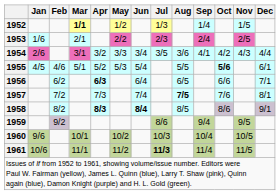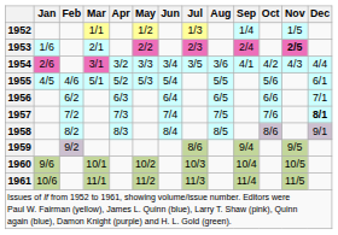 <table class="wikitable" style="font-size: 10pt; line-height: 11pt; margin-right: 2em; text-align: center; float: left">
 <tr>
 <th></th>
 <th>Jan</th>
 <th>Feb</th>
 <th>Mar</th>
 <th>Apr</th>
 <th>May</th>
 <th>Jun</th>
 <th>Jul</th>
 <th>Aug</th>
 <th>Sep</th>
 <th>Oct</th>
 <th>Nov</th>
 <th>Dec</th>
 </tr>
 <tr>
 <th>1952</th>
 <td></td>
 <td></td>
-<td bgcolor=#ffff99><strong>1/1</strong></td>
+<td bgcolor=#ffff99>1/1</td>
 <td></td>
 <td bgcolor=#ffff99>1/2</td>
 <td></td>
 <td bgcolor=#ffff99>1/3</td>
 <td></td>
 <td bgcolor=#ccffff>1/4</td>
 <td></td>
 <td bgcolor=#ccffff>1/5</td>
 <td></td>
 </tr>
 <tr>
 <th>1953</th>
 <td bgcolor=#ccffff>1/6</td>
 <td></td>
 <td bgcolor=#ccffff>2/1</td>
 <td></td>
 <td bgcolor=#ed6fba>2/2</td>
 <td></td>
 <td bgcolor=#ed6fba>2/3</td>
 <td></td>
 <td bgcolor=#ed6fba>2/4</td>
 <td></td>
-<td bgcolor=#ed6fba>2/5</td>
+<td bgcolor=#ed6fba><strong>2/5</strong></td>
 <td></td>
 </tr>
 <tr>
 <th>1954</th>
 <td bgcolor=#ed6fba>2/6</td>
 <td></td>
 <td bgcolor=#ed6fba>3/1</td>
 <td bgcolor=#ccffff>3/2</td>
 <td bgcolor=#ccffff>3/3</td>
 <td bgcolor=#ccffff>3/4</td>
 <td bgcolor=#ccffff>3/5</td>
 <td bgcolor=#ccffff>3/6</td>
 <td bgcolor=#ccffff>4/1</td>
 <td bgcolor=#ccffff>4/2</td>
 <td bgcolor=#ccffff>4/3</td>
 <td bgcolor=#ccffff>4/4</td>
 </tr>
 <tr>
 <th>1955</th>
 <td bgcolor=#ccffff>4/5</td>
 <td bgcolor=#ccffff>4/6</td>
 <td bgcolor=#ccffff>5/1</td>
 <td bgcolor=#ccffff>5/2</td>
 <td bgcolor=#ccffff>5/3</td>
 <td bgcolor=#ccffff>5/4</td>
 <td></td>
 <td bgcolor=#ccffff>5/5</td>
 <td></td>
-<td bgcolor=#ccffff><strong>5/6</strong></td>
+<td bgcolor=#ccffff>5/6</td>
 <td></td>
 <td bgcolor=#ccffff>6/1</td>
 </tr>
 <tr>
 <th>1956</th>
 <td></td>
 <td bgcolor=#ccffff>6/2</td>
 <td></td>
-<td bgcolor=#ccffff><strong>6/3</strong></td>
+<td bgcolor=#ccffff>6/3</td>
 <td></td>
 <td bgcolor=#ccffff>6/4</td>
 <td></td>
 <td bgcolor=#ccffff>6/5</td>
 <td></td>
 <td bgcolor=#ccffff>6/6</td>
 <td></td>
 <td bgcolor=#ccffff>7/1</td>
 </tr>
 <tr>
 <th>1957</th>
 <td></td>
 <td bgcolor=#ccffff>7/2</td>
 <td></td>
 <td bgcolor=#ccffff>7/3</td>
 <td></td>
 <td bgcolor=#ccffff>7/4</td>
 <td></td>
-<td bgcolor=#ccffff><strong>7/5</strong></td>
+<td bgcolor=#ccffff>7/5</td>
 <td></td>
 <td bgcolor=#ccffff>7/6</td>
 <td></td>
-<td bgcolor=#ccffff>8/1</td>
+<td bgcolor=#ccffff><strong>8/1</strong></td>
 </tr>
 <tr>
 <th>1958</th>
 <td></td>
 <td bgcolor=#ccffff>8/2</td>
 <td></td>
-<td bgcolor=#ccffff><strong>8/3</strong></td>
+<td bgcolor=#ccffff>8/3</td>
 <td></td>
-<td bgcolor=#ccffff><strong>8/4</strong></td>
+<td bgcolor=#ccffff>8/4</td>
 <td></td>
 <td bgcolor=#ccffff>8/5</td>
 <td></td>
 <td bgcolor=#ccc0d0>8/6</td>
 <td></td>
 <td bgcolor=#ccc0d0>9/1</td>
 </tr>
 <tr>
 <th>1959</th>
 <td></td>
 <td bgcolor=#ccc0d0>9/2</td>
 <td></td>
 <td></td>
 <td></td>
 <td></td>
 <td bgcolor=#c2d69a>8/6 </td>
 <td></td>
 <td bgcolor=#c2d69a>9/4</td>
 <td></td>
 <td bgcolor=#c2d69a>9/5</td>
 <td></td>
 </tr>
 <tr>
 <th>1960</th>
 <td bgcolor=#c2d69a>9/6</td>
 <td></td>
 <td bgcolor=#c2d69a>10/1</td>
 <td></td>
 <td bgcolor=#c2d69a>10/2</td>
 <td></td>
 <td bgcolor=#c2d69a>10/3</td>
 <td></td>
 <td bgcolor=#c2d69a>10/4</td>
 <td></td>
 <td bgcolor=#c2d69a>10/5</td>
 <td></td>
 </tr>
 <tr>
 <th>1961</th>
 <td bgcolor=#c2d69a>10/6</td>
 <td></td>
 <td bgcolor=#c2d69a>11/1</td>
 <td></td>
 <td bgcolor=#c2d69a>11/2</td>
 <td></td>
-<td bgcolor=#c2d69a><strong>11/3</strong></td>
+<td bgcolor=#c2d69a>11/3</td>
 <td></td>
 <td bgcolor=#c2d69a>11/4</td>
 <td></td>
 <td bgcolor=#c2d69a>11/5</td>
 <td></td>
 </tr>
 <tr>
 <td colspan="13" style="font-size: 8pt; text-align:left">Issues of <em>If</em> from 1952 to 1961, showing volume/issue number.  Editors were<br>Paul W. Fairman (yellow), James L. Quinn (blue), Larry T. Shaw (pink), Quinn<br>again (blue), Damon Knight (purple) and H. L. Gold (green).</td>
 </tr>
 </table>
